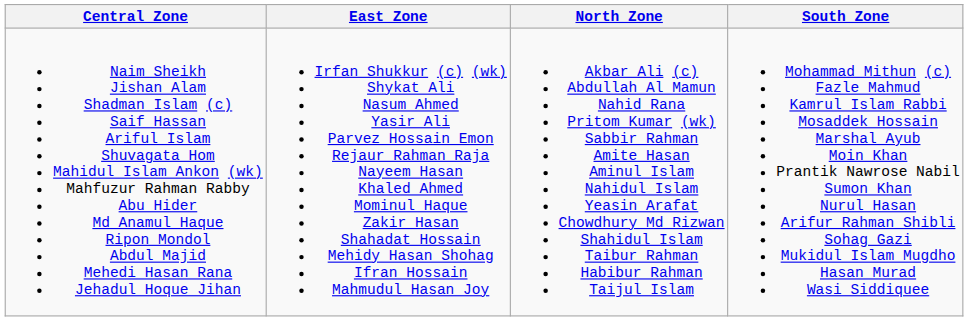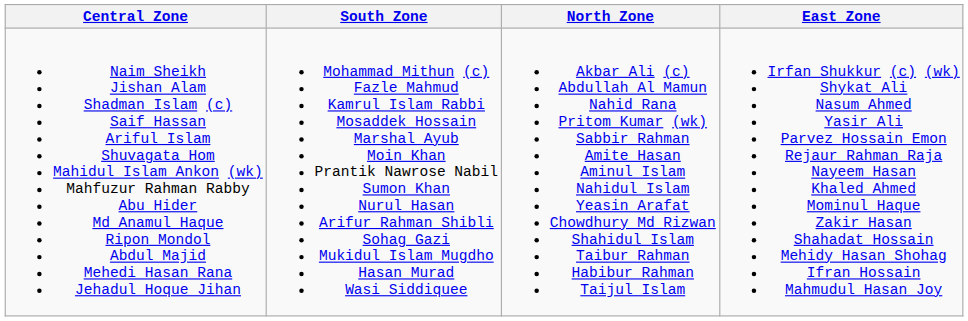 <table class="wikitable" style="text-align:center;margin:auto">
 <tr>
 <th><a href='#'>Central Zone</a></th>
+<th><a href='#'>South Zone</a></th>
+<th><a href='#'>North Zone</a></th>
 <th><a href='#'>East Zone</a></th>
-<th><a href='#'>North Zone</a></th>
-<th><a href='#'>South Zone</a></th>
 </tr>
 <tr>
 <td valign=top><br><ul><li><a href='#'>Naim Sheikh</a></li><li><a href='#'>Jishan Alam</a></li><li><a href='#'>Shadman Islam</a> <a href='#'>(c)</a></li><li><a href='#'>Saif Hassan</a></li><li><a href='#'>Ariful Islam</a></li><li><a href='#'>Shuvagata Hom</a></li><li><a href='#'>Mahidul Islam Ankon</a> <a href='#'>(wk)</a></li><li>Mahfuzur Rahman Rabby</li><li><a href='#'>Abu Hider</a></li><li><a href='#'>Md Anamul Haque</a></li><li><a href='#'>Ripon Mondol</a></li><li><a href='#'>Abdul Majid</a></li><li><a href='#'>Mehedi Hasan Rana</a></li><li><a href='#'>Jehadul Hoque Jihan</a></li></ul></td>
+<td valign=top><br><ul><li><a href='#'>Mohammad Mithun</a> <a href='#'>(c)</a></li><li><a href='#'>Fazle Mahmud</a></li><li><a href='#'>Kamrul Islam Rabbi</a></li><li><a href='#'>Mosaddek Hossain</a></li><li><a href='#'>Marshal Ayub</a></li><li><a href='#'>Moin Khan</a></li><li>Prantik Nawrose Nabil</li><li><a href='#'>Sumon Khan</a></li><li><a href='#'>Nurul Hasan</a></li><li><a href='#'>Arifur Rahman Shibli</a></li><li><a href='#'>Sohag Gazi</a></li><li><a href='#'>Mukidul Islam Mugdho</a></li><li><a href='#'>Hasan Murad</a></li><li><a href='#'>Wasi Siddiquee</a></li></ul></td>
+<td valign=top><br><ul><li><a href='#'>Akbar Ali</a> <a href='#'>(c)</a></li><li><a href='#'>Abdullah Al Mamun</a></li><li><a href='#'>Nahid Rana</a></li><li><a href='#'>Pritom Kumar</a> <a href='#'>(wk)</a></li><li><a href='#'>Sabbir Rahman</a></li><li><a href='#'>Amite Hasan</a></li><li><a href='#'>Aminul Islam</a></li><li><a href='#'>Nahidul Islam</a></li><li><a href='#'>Yeasin Arafat</a></li><li><a href='#'>Chowdhury Md Rizwan</a></li><li><a href='#'>Shahidul Islam</a></li><li><a href='#'>Taibur Rahman</a></li><li><a href='#'>Habibur Rahman</a></li><li><a href='#'>Taijul Islam</a></li></ul></td>
 <td valign=top><br><ul><li><a href='#'>Irfan Shukkur</a> <a href='#'>(c)</a> <a href='#'>(wk)</a></li><li><a href='#'>Shykat Ali</a></li><li><a href='#'>Nasum Ahmed</a></li><li><a href='#'>Yasir Ali</a></li><li><a href='#'>Parvez Hossain Emon</a></li><li><a href='#'>Rejaur Rahman Raja</a></li><li><a href='#'>Nayeem Hasan</a></li><li><a href='#'>Khaled Ahmed</a></li><li><a href='#'>Mominul Haque</a></li><li><a href='#'>Zakir Hasan</a></li><li><a href='#'>Shahadat Hossain</a></li><li><a href='#'>Mehidy Hasan Shohag</a></li><li><a href='#'>Ifran Hossain</a></li><li><a href='#'>Mahmudul Hasan Joy</a></li></ul></td>
-<td valign=top><br><ul><li><a href='#'>Akbar Ali</a> <a href='#'>(c)</a></li><li><a href='#'>Abdullah Al Mamun</a></li><li><a href='#'>Nahid Rana</a></li><li><a href='#'>Pritom Kumar</a> <a href='#'>(wk)</a></li><li><a href='#'>Sabbir Rahman</a></li><li><a href='#'>Amite Hasan</a></li><li><a href='#'>Aminul Islam</a></li><li><a href='#'>Nahidul Islam</a></li><li><a href='#'>Yeasin Arafat</a></li><li><a href='#'>Chowdhury Md Rizwan</a></li><li><a href='#'>Shahidul Islam</a></li><li><a href='#'>Taibur Rahman</a></li><li><a href='#'>Habibur Rahman</a></li><li><a href='#'>Taijul Islam</a></li></ul></td>
-<td valign=top><br><ul><li><a href='#'>Mohammad Mithun</a> <a href='#'>(c)</a></li><li><a href='#'>Fazle Mahmud</a></li><li><a href='#'>Kamrul Islam Rabbi</a></li><li><a href='#'>Mosaddek Hossain</a></li><li><a href='#'>Marshal Ayub</a></li><li><a href='#'>Moin Khan</a></li><li>Prantik Nawrose Nabil</li><li><a href='#'>Sumon Khan</a></li><li><a href='#'>Nurul Hasan</a></li><li><a href='#'>Arifur Rahman Shibli</a></li><li><a href='#'>Sohag Gazi</a></li><li><a href='#'>Mukidul Islam Mugdho</a></li><li><a href='#'>Hasan Murad</a></li><li><a href='#'>Wasi Siddiquee</a></li></ul></td>
 </tr>
 </table>
